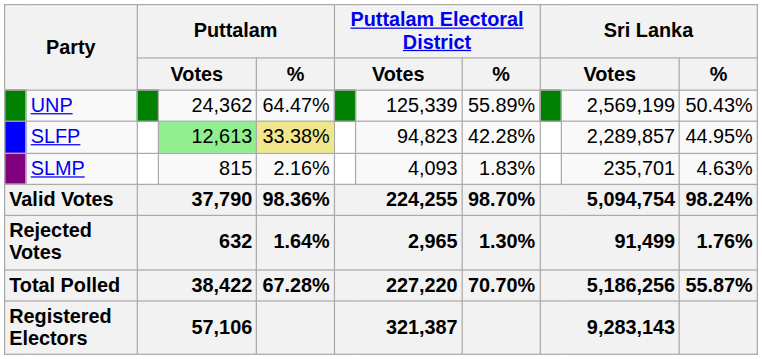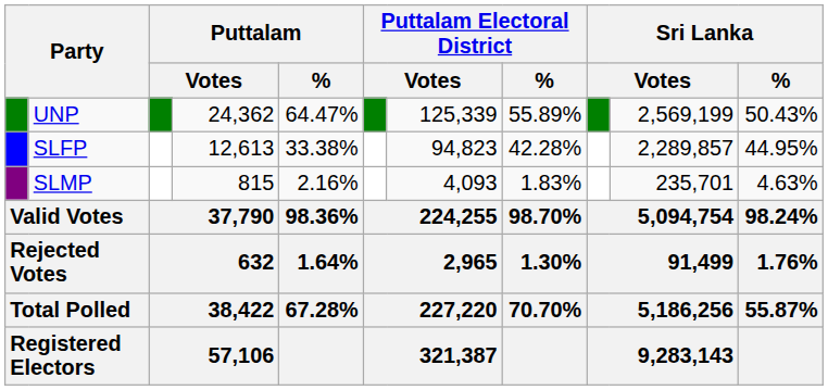 <table class="wikitable">
 <tr>
 <th colspan="2" width="144px"rowspan="2">Party</th>
 <th colspan="3" width="216px">Puttalam</th>
 <th colspan="3" width="216px"><a href='#'>Puttalam Electoral District</a></th>
 <th colspan="3" width="216px">Sri Lanka</th>
 </tr>
 <tr>
 <th colspan="2" width="144px">Votes</th>
 <th>%</th>
 <th colspan="2" width="144px">Votes</th>
 <th>%</th>
 <th colspan="2" width="144px">Votes</th>
 <th>%</th>
 </tr>
 <tr>
 <td style="background-color:green;" width="10px"></td>
 <td style="text-align:left;"><a href='#'>UNP</a></td>
 <td style="background-color:green;" width="10px"></td>
 <td style="text-align:right;">24,362</td>
 <td style="text-align:right;">64.47%</td>
 <td style="background-color:green;" width="10px"></td>
 <td style="text-align:right;">125,339</td>
 <td style="text-align:right;">55.89%</td>
 <td style="background-color:green;" width="10px"></td>
 <td style="text-align:right;">2,569,199</td>
 <td style="text-align:right;">50.43%</td>
 </tr>
 <tr>
 <td style="background-color:blue;" width="10px"></td>
 <td style="text-align:left;"><a href='#'>SLFP</a></td>
 <td style="background-color:white;" width="10px"></td>
-<td style="background: lightgreen; text-align:right;">12,613</td>
-<td style="background: khaki; text-align:right;">33.38%</td>
+<td style="text-align:right;">12,613</td>
+<td style="text-align:right;">33.38%</td>
 <td style="background-color:white;" width="10px"></td>
 <td style="text-align:right;">94,823</td>
 <td style="text-align:right;">42.28%</td>
 <td style="background-color:white;" width="10px"></td>
 <td style="text-align:right;">2,289,857</td>
 <td style="text-align:right;">44.95%</td>
 </tr>
 <tr>
 <td style="background-color:purple;" width="10px"></td>
 <td style="text-align:left;"><a href='#'>SLMP</a></td>
 <td style="background-color:white;" width="10px"></td>
 <td style="text-align:right;">815</td>
 <td style="text-align:right;">2.16%</td>
 <td style="background-color:white;" width="10px"></td>
 <td style="text-align:right;">4,093</td>
 <td style="text-align:right;">1.83%</td>
 <td style="background-color:white;" width="10px"></td>
 <td style="text-align:right;">235,701</td>
 <td style="text-align:right;">4.63%</td>
 </tr>
 <tr>
 <th colspan="2" width="144px"style="text-align:left;">Valid Votes</th>
 <th style="text-align:right;"colspan="2" width="144px">37,790</th>
 <th style="text-align:right;">98.36%</th>
 <th style="text-align:right;"colspan="2" width="144px">224,255</th>
 <th style="text-align:right;">98.70%</th>
 <th style="text-align:right;"colspan="2" width="144px">5,094,754</th>
 <th style="text-align:right;">98.24%</th>
 </tr>
 <tr>
 <th colspan="2" width="144px"style="text-align:left;">Rejected Votes</th>
 <th style="text-align:right;"colspan="2" width="144px">632</th>
 <th style="text-align:right;">1.64%</th>
 <th style="text-align:right;"colspan="2" width="144px">2,965</th>
 <th style="text-align:right;">1.30%</th>
 <th style="text-align:right;"colspan="2" width="144px">91,499</th>
 <th style="text-align:right;">1.76%</th>
 </tr>
 <tr>
 <th colspan="2" width="144px"style="text-align:left;">Total Polled</th>
 <th style="text-align:right;"colspan="2" width="144px">38,422</th>
 <th style="text-align:right;">67.28%</th>
 <th style="text-align:right;"colspan="2" width="144px">227,220</th>
 <th style="text-align:right;">70.70%</th>
 <th style="text-align:right;"colspan="2" width="144px">5,186,256</th>
 <th style="text-align:right;">55.87%</th>
 </tr>
 <tr>
 <th colspan="2" width="144px"style="text-align:left;">Registered Electors</th>
 <th style="text-align:right;"colspan="2" width="144px">57,106</th>
 <th></th>
 <th style="text-align:right;"colspan="2" width="144px">321,387</th>
 <th></th>
 <th style="text-align:right;"colspan="2" width="144px">9,283,143</th>
 <th></th>
 </tr>
 </table>
